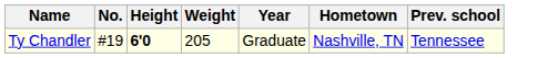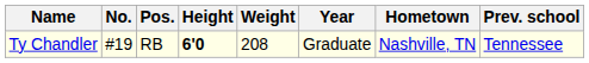 <table class="wikitable sortable">
 <tr>
 <th>Name</th>
 <th>No.</th>
+<th>Pos.</th>
 <th>Height</th>
 <th>Weight</th>
 <th>Year</th>
 <th>Hometown</th>
 <th class="unsortable">Prev. school</th>
 </tr>
 <tr style="background:#FFFFE6;">
 <td><a href='#'>Ty Chandler</a></td>
 <td>#19</td>
+<td>RB</td>
 <td><strong>6'0</strong></td>
-<td>205</td>
+<td>208</td>
 <td>Graduate</td>
 <td><a href='#'>Nashville, TN</a></td>
 <td><a href='#'>Tennessee</a></td>
 </tr>
 </table>
